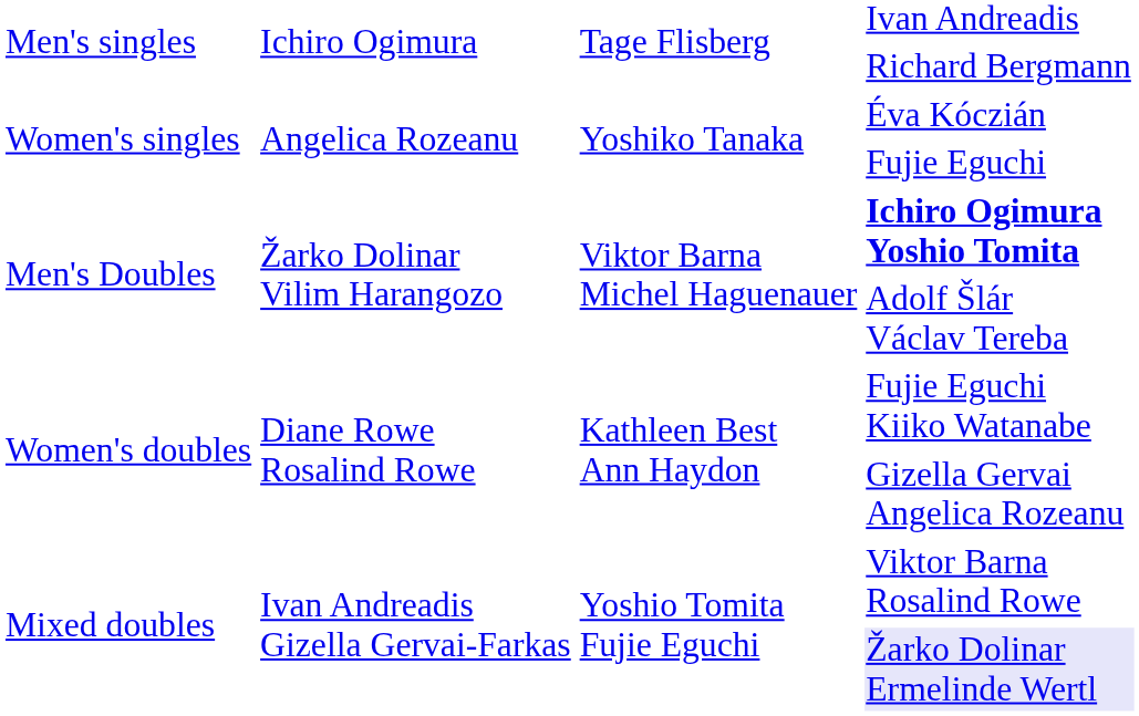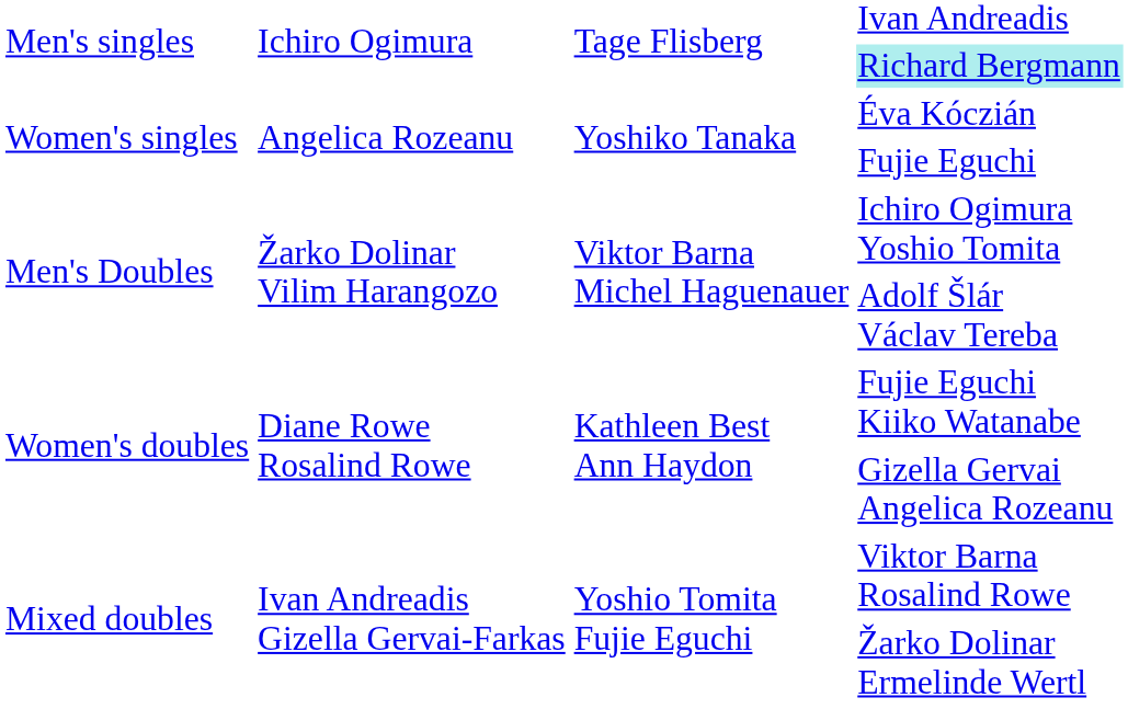 <table>
 <tr>
 <td rowspan=2><a href='#'>Men's singles</a></td>
 <td rowspan=2> <a href='#'>Ichiro Ogimura</a></td>
 <td rowspan=2> <a href='#'>Tage Flisberg</a></td>
 <td> <a href='#'>Ivan Andreadis</a></td>
 </tr>
 <tr>
-<td> <a href='#'>Richard Bergmann</a></td>
+<td style="background: paleturquoise;"> <a href='#'>Richard Bergmann</a></td>
 </tr>
 <tr>
 <td rowspan=2><a href='#'>Women's singles</a></td>
 <td rowspan=2> <a href='#'>Angelica Rozeanu</a></td>
 <td rowspan=2> <a href='#'>Yoshiko Tanaka</a></td>
 <td> <a href='#'>Éva Kóczián</a></td>
 </tr>
 <tr>
 <td> <a href='#'>Fujie Eguchi</a></td>
 </tr>
 <tr>
 <td rowspan=2><a href='#'>Men's Doubles</a></td>
 <td rowspan=2> <a href='#'>Žarko Dolinar</a><br> <a href='#'>Vilim Harangozo</a></td>
 <td rowspan=2> <a href='#'>Viktor Barna</a><br> <a href='#'>Michel Haguenauer</a></td>
-<td><strong> <a href='#'>Ichiro Ogimura</a><br> <a href='#'>Yoshio Tomita</a></strong></td>
+<td> <a href='#'>Ichiro Ogimura</a><br> <a href='#'>Yoshio Tomita</a></td>
 </tr>
 <tr>
 <td> <a href='#'>Adolf Šlár</a><br> <a href='#'>Václav Tereba</a></td>
 </tr>
 <tr>
 <td rowspan=2><a href='#'>Women's doubles</a></td>
 <td rowspan=2> <a href='#'>Diane Rowe</a><br> <a href='#'>Rosalind Rowe</a></td>
 <td rowspan=2> <a href='#'>Kathleen Best</a><br> <a href='#'>Ann Haydon</a></td>
 <td> <a href='#'>Fujie Eguchi</a><br> <a href='#'>Kiiko Watanabe</a></td>
 </tr>
 <tr>
 <td> <a href='#'>Gizella Gervai</a><br> <a href='#'>Angelica Rozeanu</a></td>
 </tr>
 <tr>
 <td rowspan=2><a href='#'>Mixed doubles</a></td>
 <td rowspan=2> <a href='#'>Ivan Andreadis</a><br> <a href='#'>Gizella Gervai-Farkas</a></td>
 <td rowspan=2> <a href='#'>Yoshio Tomita</a><br> <a href='#'>Fujie Eguchi</a></td>
 <td> <a href='#'>Viktor Barna</a><br> <a href='#'>Rosalind Rowe</a></td>
 </tr>
 <tr>
-<td style="background: lavender;"> <a href='#'>Žarko Dolinar</a><br> <a href='#'>Ermelinde Wertl</a></td>
+<td> <a href='#'>Žarko Dolinar</a><br> <a href='#'>Ermelinde Wertl</a></td>
 </tr>
 </table>
